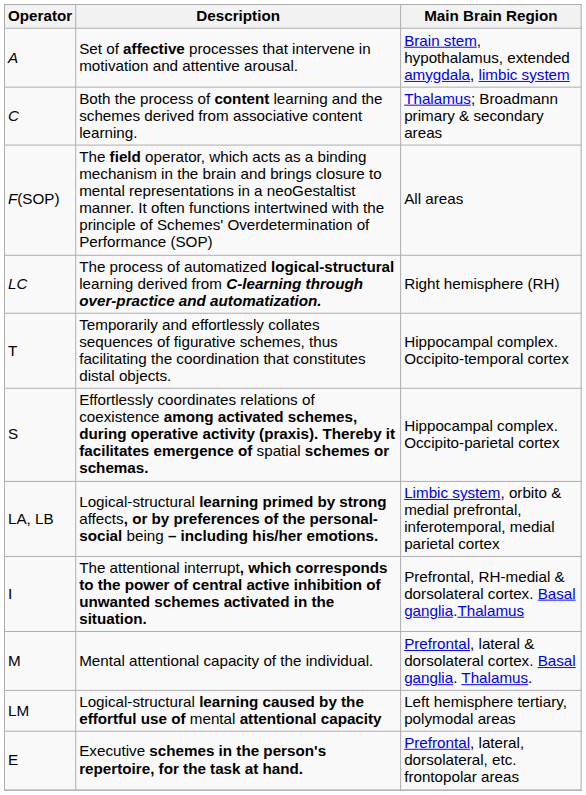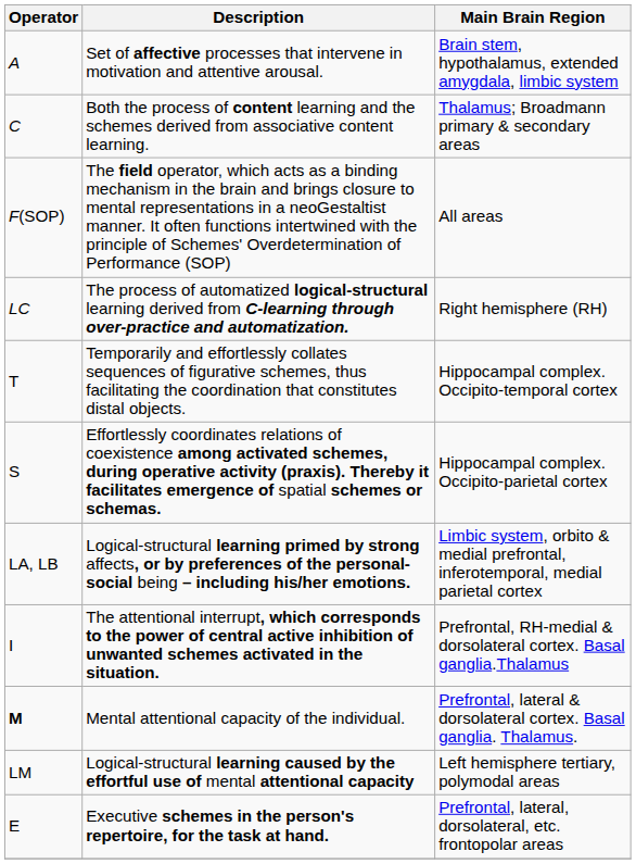 <table class="wikitable">
 <tr>
 <th>Operator</th>
 <th>Description</th>
 <th>Main Brain Region</th>
 </tr>
 <tr>
 <td><em>A</em></td>
 <td>Set of <strong>affective</strong> processes that intervene in motivation and attentive arousal.</td>
 <td><a href='#'>Brain stem</a>, hypothalamus, extended <a href='#'>amygdala</a>, <a href='#'>limbic system</a></td>
 </tr>
 <tr>
 <td><em>C</em></td>
 <td>Both the process of <strong>content</strong> learning and the schemes derived from associative content learning.</td>
 <td><a href='#'>Thalamus</a>; Broadmann primary & secondary areas</td>
 </tr>
 <tr>
 <td><em>F</em>(SOP)</td>
 <td>The <strong>field</strong> operator, which acts as a binding mechanism in the brain and brings closure to mental representations in a neoGestaltist manner. It often functions intertwined with the principle of Schemes' Overdetermination of Performance (SOP)</td>
 <td>All areas</td>
 </tr>
 <tr>
 <td><em>LC</em></td>
 <td>The process of automatized <strong>logical-structural</strong> learning derived from <strong><em>C<em>-learning<strong> through over-practice and automatization.</td>
 <td>Right hemisphere (RH)</td>
 </tr>
 <tr>
 <td></em>T<em></td>
 <td>Temporarily and effortlessly collates sequences of figurative schemes, thus facilitating the coordination that constitutes distal objects.</td>
 <td>Hippocampal complex.<br>Occipito-temporal cortex</td>
 </tr>
 <tr>
 <td></em>S<em></td>
 <td>Effortlessly coordinates </strong>relations of coexistence<strong> among activated schemes, during operative activity (praxis). Thereby it facilitates emergence of </strong>spatial<strong> schemes or schemas.</td>
 <td>Hippocampal complex.<br>Occipito-parietal cortex</td>
 </tr>
 <tr>
 <td></em>LA, LB<em></td>
 <td></strong>Logical-structural<strong> learning primed by strong </strong>affects<strong>, or by preferences of the personal-social </strong>being<strong> – including his/her emotions.</td>
 <td><a href='#'>Limbic system</a>, orbito & medial prefrontal, inferotemporal, medial parietal cortex</td>
 </tr>
 <tr>
 <td></em>I<em></td>
 <td>The attentional </strong>interrupt<strong>, which corresponds to the power of central active inhibition of unwanted schemes activated in the situation.</td>
 <td>Prefrontal, RH-medial & dorsolateral cortex. <a href='#'>Basal ganglia</a>.<a href='#'>Thalamus</a></td>
 </tr>
 <tr>
-<td></em>M<em></td>
+<td><strong></em>M<em></strong></td>
 <td>Mental attentional capacity of the individual.</td>
 <td><a href='#'>Prefrontal</a>, lateral & dorsolateral cortex. <a href='#'>Basal ganglia</a>. <a href='#'>Thalamus</a>.</td>
 </tr>
 <tr>
 <td></em>LM<em></td>
 <td></strong>Logical-structural<strong> learning caused by the effortful use of </strong>mental<strong> attentional capacity</td>
 <td>Left hemisphere tertiary, polymodal areas</td>
 </tr>
 <tr>
 <td></em>E<em></td>
 <td></strong>Executive<strong> schemes in the person's repertoire, for the task at hand.</td>
 <td><a href='#'>Prefrontal</a>, lateral, dorsolateral, etc.  frontopolar areas</td>
 </tr>
 <tr>
 </tr>
 </table>
